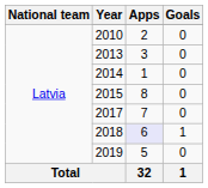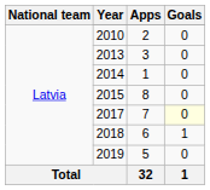 <table class="wikitable" style="text-align:center">
 <tr>
 <th>National team</th>
 <th>Year</th>
 <th>Apps</th>
 <th>Goals</th>
 </tr>
 <tr>
 <td rowspan=8><a href='#'>Latvia</a></td>
 </tr>
 <tr>
 <td>2010</td>
 <td>2</td>
 <td>0</td>
 </tr>
 <tr>
 <td>2013</td>
 <td>3</td>
 <td>0</td>
 </tr>
 <tr>
 <td>2014</td>
 <td>1</td>
 <td>0</td>
 </tr>
 <tr>
 <td>2015</td>
 <td>8</td>
 <td>0</td>
 </tr>
 <tr>
 <td>2017</td>
 <td>7</td>
-<td>0</td>
+<td style="background: lightyellow;">0</td>
 </tr>
 <tr>
 <td>2018</td>
-<td style="background: lavender;">6</td>
+<td>6</td>
 <td>1</td>
 </tr>
 <tr>
 <td>2019</td>
 <td>5</td>
 <td>0</td>
 </tr>
 <tr>
 <th colspan="2">Total</th>
 <th>32</th>
 <th>1</th>
 </tr>
 </table>
